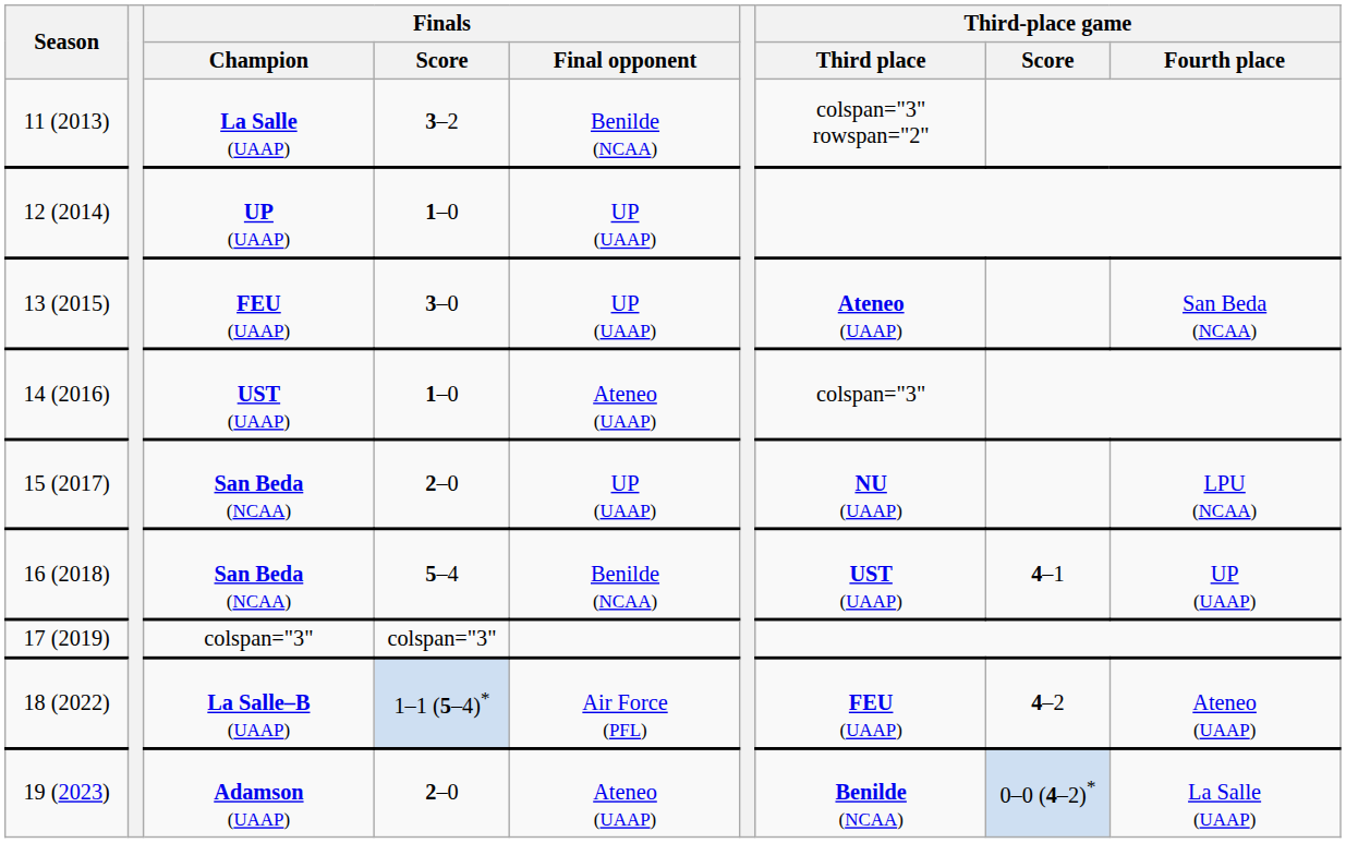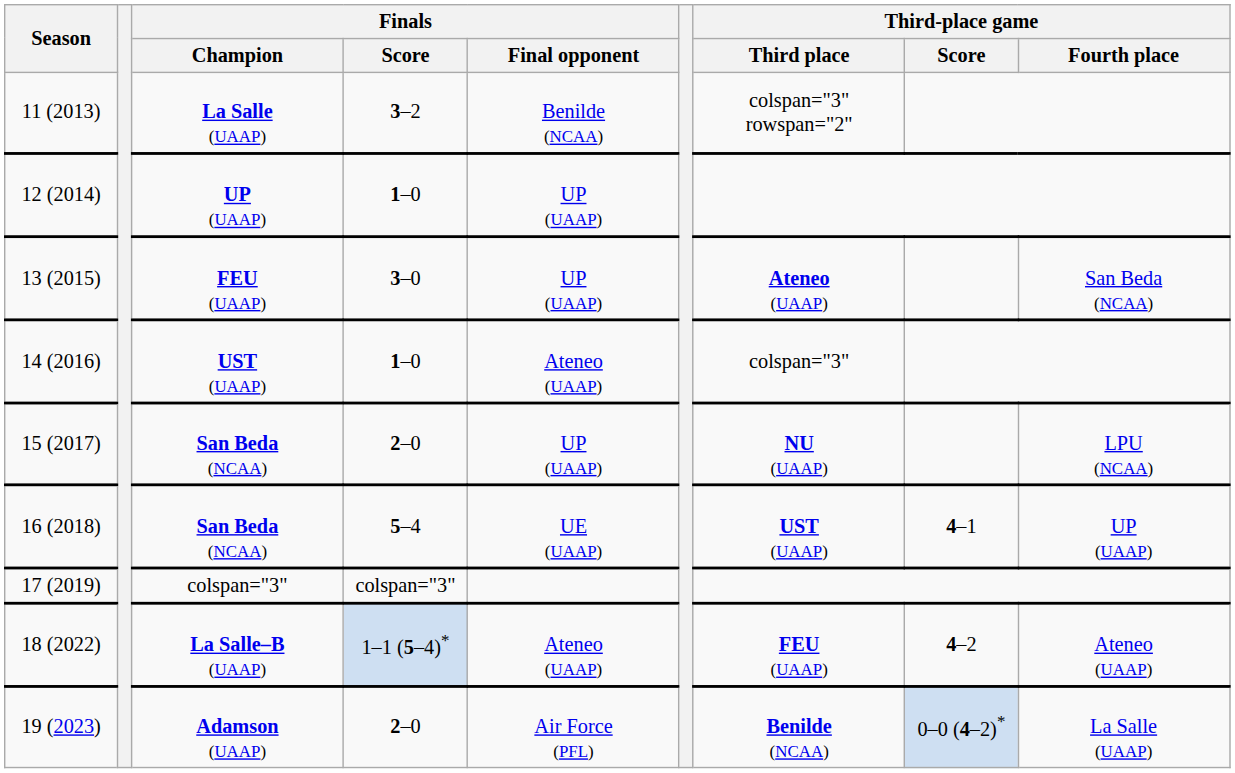 <table class="wikitable" style="text-align:center; font-size:90%;" cellpadding="3" cellspacing="0">
 <tr>
 <th width=8% rowspan=2>Season</th>
 <th width=1% rowspan=11></th>
 <th colspan=3>Finals</th>
 <th width=1% rowspan=11></th>
 <th colspan=3>Third-place game</th>
 </tr>
 <tr>
 <th width=15%>Champion</th>
 <th width=8%>Score</th>
 <th width=15%>Final opponent</th>
 <th width=15%>Third place</th>
 <th width=8%>Score</th>
 <th width=15%>Fourth place</th>
 </tr>
 <tr>
 <td>11 (2013)</td>
 <td><br><strong><a href='#'>La Salle</a></strong><br><small>(<a href='#'>UAAP</a>)</small></td>
 <td><strong>3</strong>–2</td>
 <td><br><a href='#'>Benilde</a><br><small>(<a href='#'>NCAA</a>)</small></td>
 <td>colspan="3" rowspan="2" </td>
 </tr>
 <tr style="border-top:2px solid black;">
 <td>12 (2014)</td>
 <td><br><strong><a href='#'>UP</a></strong><br><small>(<a href='#'>UAAP</a>)</small></td>
 <td><strong>1</strong>–0</td>
 <td><br><a href='#'>UP</a><br><small>(<a href='#'>UAAP</a>)</small></td>
 </tr>
 <tr style="border-top:2px solid black;">
 <td>13 (2015)</td>
 <td><br><strong><a href='#'>FEU</a></strong><br><small>(<a href='#'>UAAP</a>)</small></td>
 <td><strong>3</strong>–0</td>
 <td><br><a href='#'>UP</a><br><small>(<a href='#'>UAAP</a>)</small></td>
 <td><br><strong><a href='#'>Ateneo</a></strong><br><small>(<a href='#'>UAAP</a>)</small></td>
 <td></td>
 <td><br><a href='#'>San Beda</a><br><small>(<a href='#'>NCAA</a>)</small></td>
 </tr>
 <tr style="border-top:2px solid black;">
 <td>14 (2016)</td>
 <td><br><strong><a href='#'>UST</a></strong><br><small>(<a href='#'>UAAP</a>)</small></td>
 <td><strong>1</strong>–0</td>
 <td><br><a href='#'>Ateneo</a><br><small>(<a href='#'>UAAP</a>)</small></td>
 <td>colspan="3" </td>
 </tr>
 <tr style="border-top:2px solid black;">
 <td>15 (2017)</td>
 <td><br><strong><a href='#'>San Beda</a></strong><br><small>(<a href='#'>NCAA</a>)</small></td>
 <td><strong>2</strong>–0</td>
 <td><br><a href='#'>UP</a><br><small>(<a href='#'>UAAP</a>)</small></td>
 <td><br><strong><a href='#'>NU</a></strong><br><small>(<a href='#'>UAAP</a>)</small></td>
 <td></td>
 <td><br><a href='#'>LPU</a><br><small> (<a href='#'>NCAA</a>)</small></td>
 </tr>
 <tr style="border-top:2px solid black;">
 <td>16 (2018)</td>
 <td><br><strong><a href='#'>San Beda</a></strong><br><small>(<a href='#'>NCAA</a>)</small></td>
 <td><strong>5</strong>–4</td>
-<td><br><a href='#'>Benilde</a><br><small>(<a href='#'>NCAA</a>)</small></td>
+<td><br><a href='#'>UE</a><br><small>(<a href='#'>UAAP</a>)</small></td>
 <td><br><strong><a href='#'>UST</a></strong><br><small>(<a href='#'>UAAP</a>)</small></td>
 <td><strong>4</strong>–1</td>
 <td><br><a href='#'>UP</a><br><small>(<a href='#'>UAAP</a>)</small></td>
 </tr>
 <tr style="border-top:2px solid black;">
 <td>17 (2019)</td>
 <td>colspan="3" </td>
 <td>colspan="3" </td>
 </tr>
 <tr style="border-top:2px solid black;">
 <td>18 (2022)</td>
 <td><br><strong><a href='#'>La Salle–B</a></strong><br><small>(<a href='#'>UAAP</a>)</small></td>
 <td align=center bgcolor=#cedff2>1–1 (<strong>5</strong>–4)<sup>*</sup></td>
-<td><br><a href='#'>Air Force</a><br><small>(<a href='#'>PFL</a>)</small></td>
+<td><br><a href='#'>Ateneo</a><br><small>(<a href='#'>UAAP</a>)</small></td>
 <td><br><strong><a href='#'>FEU</a></strong><br><small>(<a href='#'>UAAP</a>)</small></td>
 <td><strong>4</strong>–2</td>
 <td><br><a href='#'>Ateneo</a><br><small>(<a href='#'>UAAP</a>)</small></td>
 </tr>
 <tr style="border-top:2px solid black;">
 <td>19 (<a href='#'>2023</a>)</td>
 <td><br><strong><a href='#'>Adamson</a></strong><br><small>(<a href='#'>UAAP</a>)</small></td>
 <td><strong>2</strong>–0</td>
-<td><br><a href='#'>Ateneo</a><br><small>(<a href='#'>UAAP</a>)</small></td>
+<td><br><a href='#'>Air Force</a><br><small>(<a href='#'>PFL</a>)</small></td>
 <td><br><strong><a href='#'>Benilde</a></strong><br><small>(<a href='#'>NCAA</a>)</small></td>
 <td align=center bgcolor=#cedff2>0–0 (<strong>4</strong>–2)<sup>*</sup></td>
 <td><br><a href='#'>La Salle</a><br><small>(<a href='#'>UAAP</a>)</small></td>
 </tr>
 </table>
